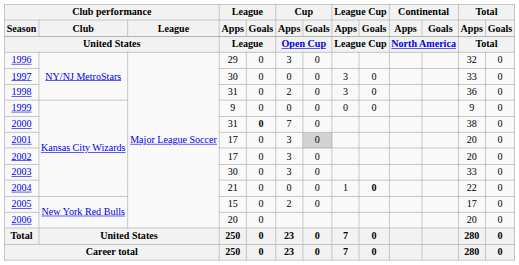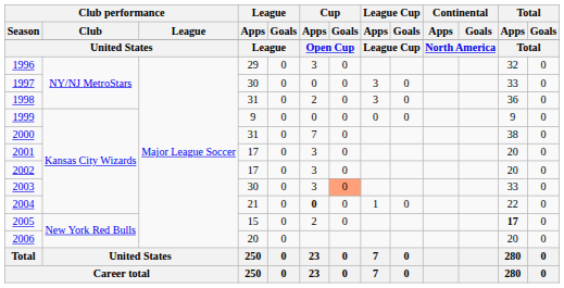 <table class="wikitable" style="text-align:center">
 <tr>
 <th colspan=3>Club performance</th>
 <th colspan=2>League</th>
 <th colspan=2>Cup</th>
 <th colspan=2>League Cup</th>
 <th colspan=2>Continental</th>
 <th colspan=2>Total</th>
 </tr>
 <tr>
 <th>Season</th>
 <th>Club</th>
 <th>League</th>
 <th>Apps</th>
 <th>Goals</th>
 <th>Apps</th>
 <th>Goals</th>
 <th>Apps</th>
 <th>Goals</th>
 <th>Apps</th>
 <th>Goals</th>
 <th>Apps</th>
 <th>Goals</th>
 </tr>
 <tr>
 </tr>
 <tr>
 <th colspan=3>United States</th>
 <th colspan=2>League</th>
 <th colspan=2><a href='#'>Open Cup</a></th>
 <th colspan=2>League Cup</th>
 <th colspan=2><a href='#'>North America</a></th>
 <th colspan=2>Total</th>
 </tr>
 <tr>
 <td><a href='#'>1996</a></td>
 <td rowspan="3"><a href='#'>NY/NJ MetroStars</a></td>
 <td rowspan="11"><a href='#'>Major League Soccer</a></td>
 <td>29</td>
 <td>0</td>
 <td>3</td>
 <td>0</td>
 <td></td>
 <td></td>
 <td></td>
 <td></td>
 <td>32</td>
 <td>0</td>
 </tr>
 <tr>
 <td><a href='#'>1997</a></td>
 <td>30</td>
 <td>0</td>
 <td>0</td>
 <td>0</td>
 <td>3</td>
 <td>0</td>
 <td></td>
 <td></td>
 <td>33</td>
 <td>0</td>
 </tr>
 <tr>
 <td><a href='#'>1998</a></td>
 <td>31</td>
 <td>0</td>
 <td>2</td>
 <td>0</td>
 <td>3</td>
 <td>0</td>
 <td></td>
 <td></td>
 <td>36</td>
 <td>0</td>
 </tr>
 <tr>
 <td><a href='#'>1999</a></td>
 <td rowspan="6"><a href='#'>Kansas City Wizards</a></td>
 <td>9</td>
 <td>0</td>
 <td>0</td>
 <td>0</td>
 <td>0</td>
 <td>0</td>
 <td></td>
 <td></td>
 <td>9</td>
 <td>0</td>
 </tr>
 <tr>
 <td><a href='#'>2000</a></td>
 <td>31</td>
-<td><strong>0</strong></td>
+<td>0</td>
 <td>7</td>
 <td>0</td>
 <td></td>
 <td></td>
 <td></td>
 <td></td>
 <td>38</td>
 <td>0</td>
 </tr>
 <tr>
 <td><a href='#'>2001</a></td>
 <td>17</td>
 <td>0</td>
 <td>3</td>
-<td style="background: lightgrey;">0</td>
+<td>0</td>
 <td></td>
 <td></td>
 <td></td>
 <td></td>
 <td>20</td>
 <td>0</td>
 </tr>
 <tr>
 <td><a href='#'>2002</a></td>
 <td>17</td>
 <td>0</td>
 <td>3</td>
 <td>0</td>
 <td></td>
 <td></td>
 <td></td>
 <td></td>
 <td>20</td>
 <td>0</td>
 </tr>
 <tr>
 <td><a href='#'>2003</a></td>
 <td>30</td>
 <td>0</td>
 <td>3</td>
-<td>0</td>
+<td style="background: lightsalmon;">0</td>
 <td></td>
 <td></td>
 <td></td>
 <td></td>
 <td>33</td>
 <td>0</td>
 </tr>
 <tr>
 <td><a href='#'>2004</a></td>
 <td>21</td>
 <td>0</td>
-<td>0</td>
+<td><strong>0</strong></td>
 <td>0</td>
 <td>1</td>
-<td><strong>0</strong></td>
+<td>0</td>
 <td></td>
 <td></td>
 <td>22</td>
 <td>0</td>
 </tr>
 <tr>
 <td><a href='#'>2005</a></td>
 <td rowspan="2"><a href='#'>New York Red Bulls</a></td>
 <td>15</td>
 <td>0</td>
 <td>2</td>
 <td>0</td>
 <td></td>
 <td></td>
 <td></td>
 <td></td>
-<td>17</td>
+<td><strong>17</strong></td>
 <td>0</td>
 </tr>
 <tr>
 <td><a href='#'>2006</a></td>
 <td>20</td>
 <td>0</td>
 <td></td>
 <td></td>
 <td></td>
 <td></td>
 <td></td>
 <td></td>
 <td>20</td>
 <td>0</td>
 </tr>
 <tr>
 <th rowspan=1>Total</th>
 <th colspan=2>United States</th>
 <th>250</th>
 <th>0</th>
 <th>23</th>
 <th>0</th>
 <th>7</th>
 <th>0</th>
 <th></th>
 <th></th>
 <th>280</th>
 <th>0</th>
 </tr>
 <tr>
 <th colspan=3>Career total</th>
 <th>250</th>
 <th>0</th>
 <th>23</th>
 <th>0</th>
 <th>7</th>
 <th>0</th>
 <th></th>
 <th></th>
 <th>280</th>
 <th>0</th>
 </tr>
 </table>
